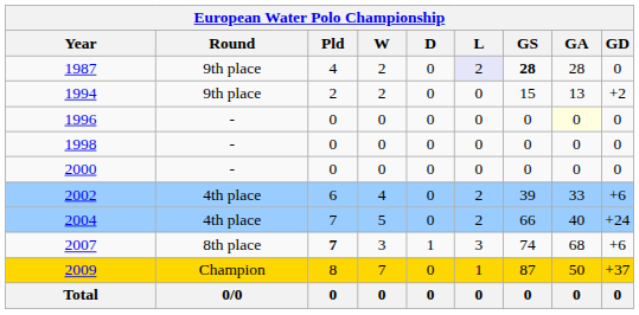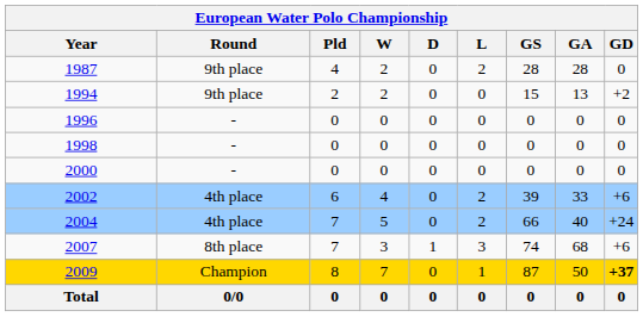 <table class="wikitable" width=50% style="text-align: center;font-size:100%;">
 <tr>
 <th colspan=10><a href='#'>European Water Polo Championship</a></th>
 </tr>
 <tr>
 <th width=25%>Year</th>
 <th width=25%>Round</th>
 <th width=8%>Pld</th>
 <th width=8%>W</th>
 <th width=8%>D</th>
 <th width=8%>L</th>
 <th width=8%>GS</th>
 <th width=8%>GA</th>
 <th width=10%>GD</th>
 </tr>
 <tr>
 <td><a href='#'>1987</a></td>
 <td>9th place</td>
 <td>4</td>
 <td>2</td>
 <td>0</td>
-<td style="background: lavender;">2</td>
-<td><strong>28</strong></td>
+<td>2</td>
+<td>28</td>
 <td>28</td>
 <td>0</td>
 </tr>
 <tr>
 <td><a href='#'>1994</a></td>
 <td>9th place</td>
 <td>2</td>
 <td>2</td>
 <td>0</td>
 <td>0</td>
 <td>15</td>
 <td>13</td>
 <td>+2</td>
 </tr>
 <tr>
 <td><a href='#'>1996</a></td>
 <td>-</td>
 <td>0</td>
 <td>0</td>
 <td>0</td>
 <td>0</td>
 <td>0</td>
-<td style="background: lightyellow;">0</td>
+<td>0</td>
 <td>0</td>
 </tr>
 <tr>
 <td><a href='#'>1998</a></td>
 <td>-</td>
 <td>0</td>
 <td>0</td>
 <td>0</td>
 <td>0</td>
 <td>0</td>
 <td>0</td>
 <td>0</td>
 </tr>
 <tr>
 <td><a href='#'>2000</a></td>
 <td>-</td>
 <td>0</td>
 <td>0</td>
 <td>0</td>
 <td>0</td>
 <td>0</td>
 <td>0</td>
 <td>0</td>
 </tr>
 <tr bgcolor=#9acdff>
 <td><a href='#'>2002</a></td>
 <td>4th place</td>
 <td>6</td>
 <td>4</td>
 <td>0</td>
 <td>2</td>
 <td>39</td>
 <td>33</td>
 <td>+6</td>
 </tr>
 <tr bgcolor=#9acdff>
 <td><a href='#'>2004</a></td>
 <td>4th place</td>
 <td>7</td>
 <td>5</td>
 <td>0</td>
 <td>2</td>
 <td>66</td>
 <td>40</td>
 <td>+24</td>
 </tr>
 <tr>
 <td><a href='#'>2007</a></td>
 <td>8th place</td>
-<td><strong>7</strong></td>
+<td>7</td>
 <td>3</td>
 <td>1</td>
 <td>3</td>
 <td>74</td>
 <td>68</td>
 <td>+6</td>
 </tr>
 <tr bgcolor=gold>
 <td><a href='#'>2009</a></td>
 <td>Champion</td>
 <td>8</td>
 <td>7</td>
 <td>0</td>
 <td>1</td>
 <td>87</td>
 <td>50</td>
-<td>+37</td>
+<td><strong>+37</strong></td>
 </tr>
 <tr>
 <th>Total</th>
 <th>0/0</th>
 <th>0</th>
 <th>0</th>
 <th>0</th>
 <th>0</th>
 <th>0</th>
 <th>0</th>
 <th>0</th>
 </tr>
 </table>
